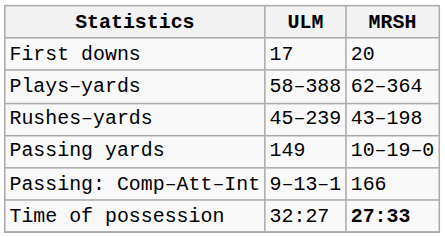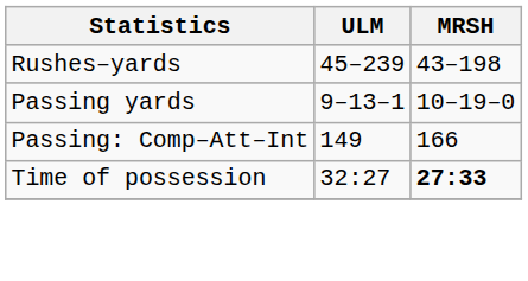 <table class="wikitable" style="float: left;">
 <tr>
 <th>Statistics</th>
 <th>ULM</th>
 <th>MRSH</th>
-</tr>
-<tr>
-<td>First downs</td>
-<td>17</td>
-<td>20</td>
-</tr>
-<tr>
-<td>Plays–yards</td>
-<td>58–388</td>
-<td>62–364</td>
 </tr>
 <tr>
 <td>Rushes–yards</td>
 <td>45–239</td>
 <td>43–198</td>
 </tr>
 <tr>
 <td>Passing yards</td>
-<td>149</td>
+<td>9–13–1</td>
 <td>10–19–0</td>
 </tr>
 <tr>
 <td>Passing: Comp–Att–Int</td>
-<td>9–13–1</td>
+<td>149</td>
 <td>166</td>
 </tr>
 <tr>
 <td>Time of possession</td>
 <td>32:27</td>
 <td><strong>27:33</strong></td>
 </tr>
 <tr>
 </tr>
 </table>
